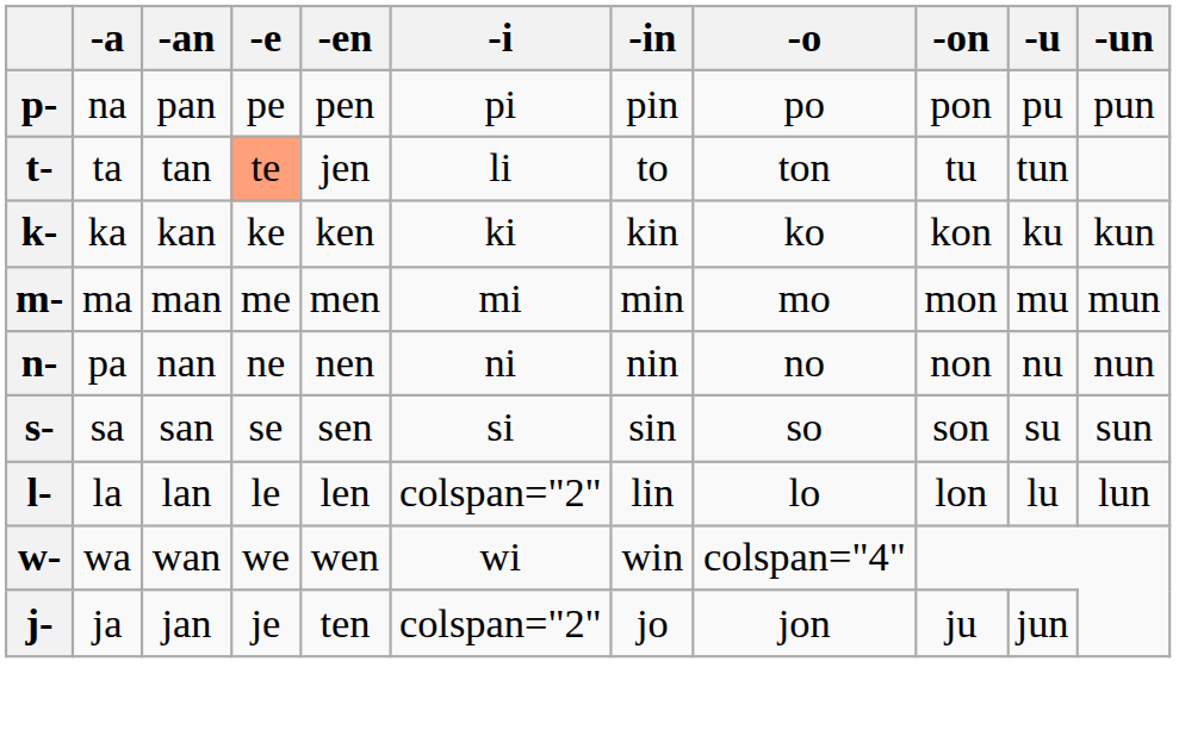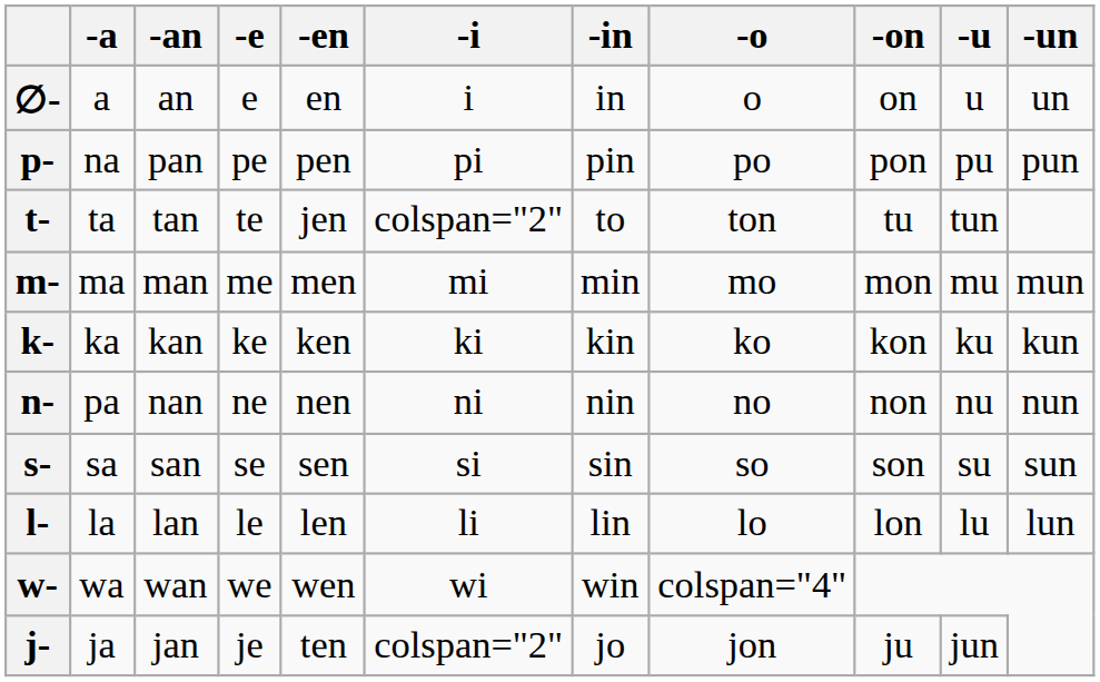 <table class="wikitable" style="text-align: center;">
 <tr>
 <th scope="col"></th>
 <th scope="col">-a</th>
 <th scope="col">-an</th>
 <th scope="col">-e</th>
 <th scope="col">-en</th>
 <th scope="col">-i</th>
 <th scope="col">-in</th>
 <th scope="col">-o</th>
 <th scope="col">-on</th>
 <th scope="col">-u</th>
 <th scope="col">-un</th>
+</tr>
+<tr>
+<th scope="row">∅-</th>
+<td>a</td>
+<td>an</td>
+<td>e</td>
+<td>en</td>
+<td>i</td>
+<td>in</td>
+<td>o</td>
+<td>on</td>
+<td>u</td>
+<td>un</td>
 </tr>
 <tr>
 <th scope="row">p-</th>
 <td>na</td>
 <td>pan</td>
 <td>pe</td>
 <td>pen</td>
 <td>pi</td>
 <td>pin</td>
 <td>po</td>
 <td>pon</td>
 <td>pu</td>
 <td>pun</td>
 </tr>
 <tr>
 <th scope="row">t-</th>
 <td>ta</td>
 <td>tan</td>
-<td style="background: lightsalmon;">te</td>
+<td>te</td>
 <td>jen</td>
-<td>li</td>
+<td>colspan="2" </td>
 <td>to</td>
 <td>ton</td>
 <td>tu</td>
 <td>tun</td>
+</tr>
+<tr>
+<th scope="row">m-</th>
+<td>ma</td>
+<td>man</td>
+<td>me</td>
+<td>men</td>
+<td>mi</td>
+<td>min</td>
+<td>mo</td>
+<td>mon</td>
+<td>mu</td>
+<td>mun</td>
 </tr>
 <tr>
 <th scope="row">k-</th>
 <td>ka</td>
 <td>kan</td>
 <td>ke</td>
 <td>ken</td>
 <td>ki</td>
 <td>kin</td>
 <td>ko</td>
 <td>kon</td>
 <td>ku</td>
 <td>kun</td>
-</tr>
-<tr>
-<th scope="row">m-</th>
-<td>ma</td>
-<td>man</td>
-<td>me</td>
-<td>men</td>
-<td>mi</td>
-<td>min</td>
-<td>mo</td>
-<td>mon</td>
-<td>mu</td>
-<td>mun</td>
 </tr>
 <tr>
 <th scope="row">n-</th>
 <td>pa</td>
 <td>nan</td>
 <td>ne</td>
 <td>nen</td>
 <td>ni</td>
 <td>nin</td>
 <td>no</td>
 <td>non</td>
 <td>nu</td>
 <td>nun</td>
 </tr>
 <tr>
 <th scope="row">s-</th>
 <td>sa</td>
 <td>san</td>
 <td>se</td>
 <td>sen</td>
 <td>si</td>
 <td>sin</td>
 <td>so</td>
 <td>son</td>
 <td>su</td>
 <td>sun</td>
 </tr>
 <tr>
 <th scope="row">l-</th>
 <td>la</td>
 <td>lan</td>
 <td>le</td>
 <td>len</td>
-<td>colspan="2" </td>
+<td>li</td>
 <td>lin</td>
 <td>lo</td>
 <td>lon</td>
 <td>lu</td>
 <td>lun</td>
 </tr>
 <tr>
 <th scope="row">w-</th>
 <td>wa</td>
 <td>wan</td>
 <td>we</td>
 <td>wen</td>
 <td>wi</td>
 <td>win</td>
 <td>colspan="4" </td>
 </tr>
 <tr>
 <th scope="row">j-</th>
 <td>ja</td>
 <td>jan</td>
 <td>je</td>
 <td>ten</td>
 <td>colspan="2" </td>
 <td>jo</td>
 <td>jon</td>
 <td>ju</td>
 <td>jun</td>
 </tr>
 </table>
